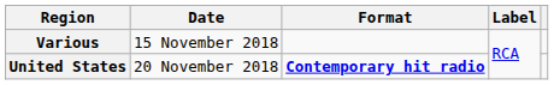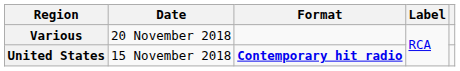 <table class="wikitable plainrowheaders">
 <tr>
 <th scope="col">Region</th>
 <th scope="col">Date</th>
 <th scope="col">Format</th>
 <th scope="col">Label</th>
 <th scope="col"></th>
 </tr>
 <tr>
 <th scope="row">Various</th>
-<td>15 November 2018</td>
+<td>20 November 2018</td>
 <td></td>
 <td rowspan="2"><a href='#'>RCA</a></td>
 <td></td>
 </tr>
 <tr>
 <th scope="row">United States</th>
-<td>20 November 2018</td>
+<td>15 November 2018</td>
 <td><strong><a href='#'>Contemporary hit radio</a></strong></td>
 <td></td>
 </tr>
 </table>
